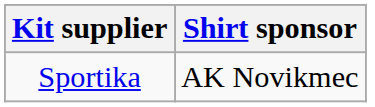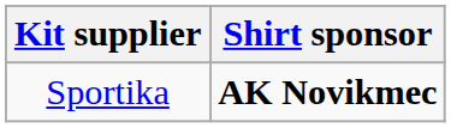 <table class="wikitable" style="text-align: center">
 <tr>
 <th><a href='#'>Kit</a> supplier</th>
 <th><a href='#'>Shirt</a> sponsor</th>
 </tr>
 <tr>
 <td> <a href='#'>Sportika</a></td>
-<td> AK Novikmec</td>
+<td><strong> AK Novikmec</strong></td>
 </tr>
 </table>
